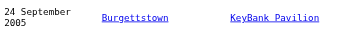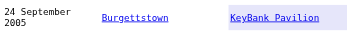 <table cellpadding="2" style="border:0 solid darkgrey; font-size:90%">
 <tr>
 <th style="width:150px;"></th>
 <th style="width:200px;"></th>
 <th style="width:200px;"></th>
 <th style="width:700px;"></th>
 </tr>
 <tr border="0">
 </tr>
 <tr>
 <td>24 September 2005</td>
 <td><a href='#'>Burgettstown</a></td>
-<td><a href='#'>KeyBank Pavilion</a></td>
+<td style="background: lavender;"><a href='#'>KeyBank Pavilion</a></td>
 </tr>
 </table>
